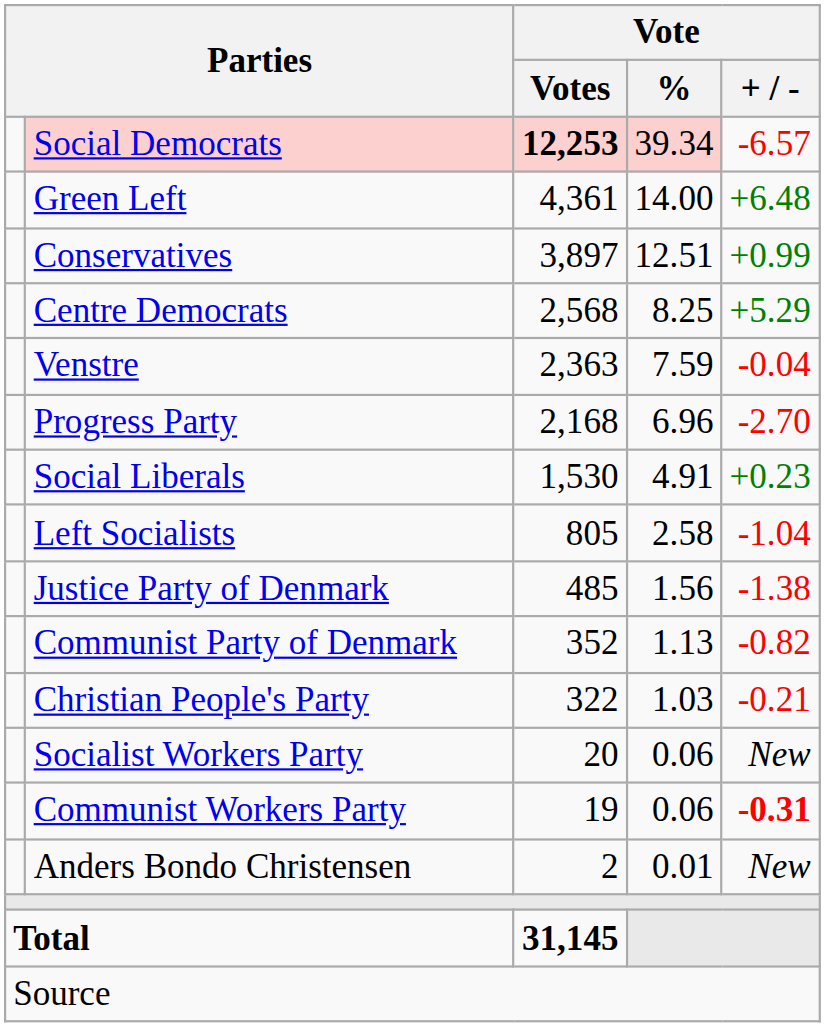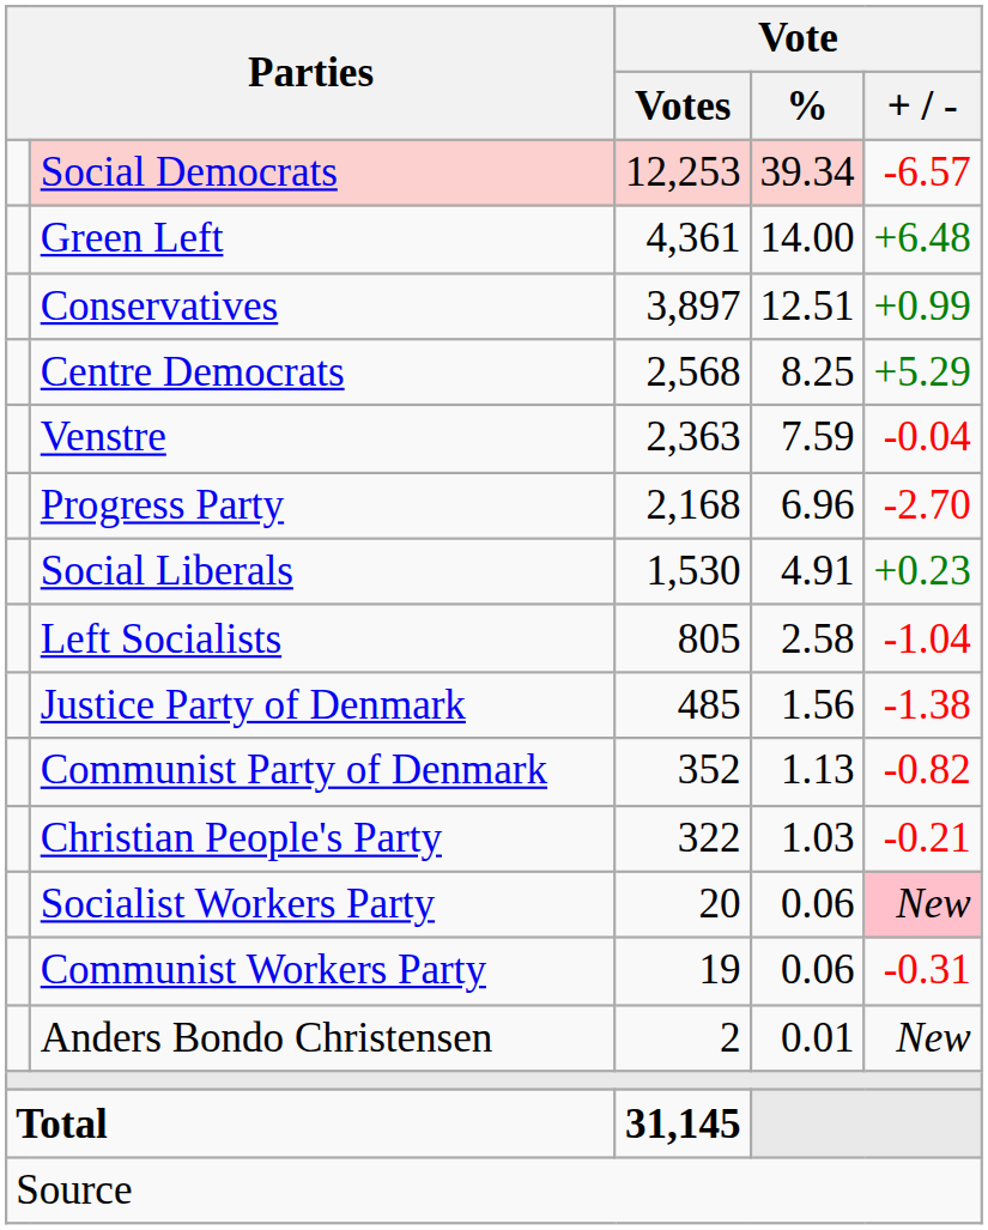 <table class="wikitable" style="text-align:right;">
 <tr>
 <th style="text-align:centre;" rowspan="2" colspan="2" width="225">Parties</th>
 <th colspan="3">Vote</th>
 </tr>
 <tr>
 <th width="15">Votes</th>
 <th width="15">%</th>
 <th width="15">+ / -</th>
 </tr>
 <tr>
 <td width="2" style="color:inherit;background:"></td>
 <td bgcolor=#fbd0ce  align="left"><a href='#'>Social Democrats</a></td>
-<td bgcolor=#fbd0ce><strong>12,253</strong></td>
+<td bgcolor=#fbd0ce>12,253</td>
 <td bgcolor=#fbd0ce>39.34</td>
 <td style=color:red;>-6.57</td>
 </tr>
 <tr>
 <td width="2" style="color:inherit;background:"></td>
 <td align="left"><a href='#'>Green Left</a></td>
 <td>4,361</td>
 <td>14.00</td>
 <td style=color:green;>+6.48</td>
 </tr>
 <tr>
 <td width="2" style="color:inherit;background:"></td>
 <td align="left"><a href='#'>Conservatives</a></td>
 <td>3,897</td>
 <td>12.51</td>
 <td style=color:green;>+0.99</td>
 </tr>
 <tr>
 <td width="2" style="color:inherit;background:"></td>
 <td align="left"><a href='#'>Centre Democrats</a></td>
 <td>2,568</td>
 <td>8.25</td>
 <td style=color:green;>+5.29</td>
 </tr>
 <tr>
 <td width="2" style="color:inherit;background:"></td>
 <td align="left"><a href='#'>Venstre</a></td>
 <td>2,363</td>
 <td>7.59</td>
 <td style=color:red;>-0.04</td>
 </tr>
 <tr>
 <td width="2" style="color:inherit;background:"></td>
 <td align="left"><a href='#'>Progress Party</a></td>
 <td>2,168</td>
 <td>6.96</td>
 <td style=color:red;>-2.70</td>
 </tr>
 <tr>
 <td width="2" style="color:inherit;background:"></td>
 <td align="left"><a href='#'>Social Liberals</a></td>
 <td>1,530</td>
 <td>4.91</td>
 <td style=color:green;>+0.23</td>
 </tr>
 <tr>
 <td width="2" style="color:inherit;background:"></td>
 <td align="left"><a href='#'>Left Socialists</a></td>
 <td>805</td>
 <td>2.58</td>
 <td style=color:red;>-1.04</td>
 </tr>
 <tr>
 <td width="2" style="color:inherit;background:"></td>
 <td align="left"><a href='#'>Justice Party of Denmark</a></td>
 <td>485</td>
 <td>1.56</td>
 <td style=color:red;>-1.38</td>
 </tr>
 <tr>
 <td width="2" style="color:inherit;background:"></td>
 <td align="left"><a href='#'>Communist Party of Denmark</a></td>
 <td>352</td>
 <td>1.13</td>
 <td style=color:red;>-0.82</td>
 </tr>
 <tr>
 <td width="2" style="color:inherit;background:"></td>
 <td align="left"><a href='#'>Christian People's Party</a></td>
 <td>322</td>
 <td>1.03</td>
 <td style=color:red;>-0.21</td>
 </tr>
 <tr>
 <td width="2" style="color:inherit;background:"></td>
 <td align="left"><a href='#'>Socialist Workers Party</a></td>
 <td>20</td>
 <td>0.06</td>
-<td><em>New</em></td>
+<td style="background: pink;"><em>New</em></td>
 </tr>
 <tr>
 <td width="2" style="color:inherit;background:"></td>
 <td align="left"><a href='#'>Communist Workers Party</a></td>
 <td>19</td>
 <td>0.06</td>
-<td style=color:red;><strong>-0.31</strong></td>
+<td style=color:red;>-0.31</td>
 </tr>
 <tr>
 <td width="2" style="color:inherit;background:"></td>
 <td align="left">Anders Bondo Christensen</td>
 <td>2</td>
 <td>0.01</td>
 <td><em>New</em></td>
 </tr>
 <tr>
 <td colspan="7" bgcolor="#E9E9E9"></td>
 </tr>
 <tr>
 <td align="left" colspan="2"><strong>Total</strong></td>
 <td><strong>31,145</strong></td>
 <td bgcolor="#E9E9E9" colspan="2"></td>
 </tr>
 <tr>
 <td align="left" colspan="6">Source</td>
 </tr>
 </table>
